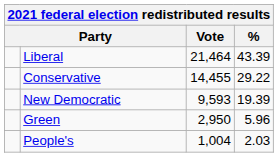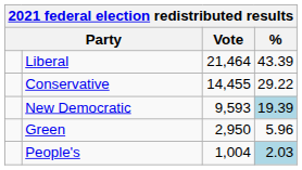 <table class="wikitable">
 <tr>
 <th colspan="4"><a href='#'>2021 federal election</a> redistributed results</th>
 </tr>
 <tr>
 <th bgcolor="#DDDDFF" width="130px" colspan="2">Party</th>
 <th bgcolor="#DDDDFF" width="50px">Vote</th>
 <th bgcolor="#DDDDFF" width="30px">%</th>
 </tr>
 <tr>
 <td> </td>
 <td><a href='#'>Liberal</a></td>
 <td align=right>21,464</td>
 <td align=right>43.39</td>
 </tr>
 <tr>
 <td> </td>
 <td><a href='#'>Conservative</a></td>
 <td align=right>14,455</td>
 <td align=right>29.22</td>
 </tr>
 <tr>
 <td> </td>
 <td><a href='#'>New Democratic</a></td>
 <td align=right>9,593</td>
-<td align=right>19.39</td>
+<td align=right style="background: lightblue;">19.39</td>
 </tr>
 <tr>
 <td> </td>
 <td><a href='#'>Green</a></td>
 <td align=right>2,950</td>
 <td align=right>5.96</td>
 </tr>
 <tr>
 <td> </td>
 <td><a href='#'>People's</a></td>
 <td align=right>1,004</td>
-<td align=right>2.03</td>
+<td align=right style="background: lightblue;">2.03</td>
 </tr>
 </table>
